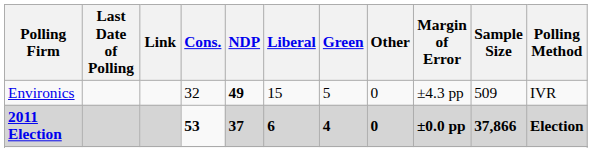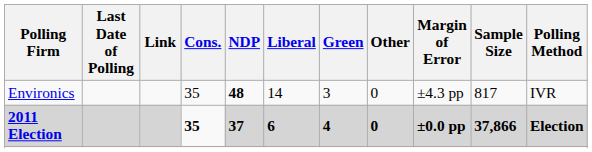 <table class="wikitable sortable">
 <tr style="background:#e9e9e9;">
 <th style="width:120px">Polling Firm</th>
 <th style="width:110px">Last Date<br>of Polling</th>
 <th style="width:60px" class="unsortable">Link</th>
 <th style="background-color:"><strong><a href='#'>Cons.</a></strong></th>
 <th style="background-color:"><strong><a href='#'>NDP</a></strong></th>
 <th style="background-color:"><strong><a href='#'>Liberal</a></strong></th>
 <th style="background-color:"><strong><a href='#'>Green</a></strong></th>
 <th style="background-color:"><strong>Other</strong></th>
 <th style="width:60px;" class=unsortable>Margin<br>of Error</th>
 <th style="width:50px;" class=unsortable>Sample<br>Size</th>
 <th class=unsortable>Polling Method</th>
 </tr>
 <tr>
 <td><a href='#'>Environics</a></td>
 <td></td>
 <td></td>
-<td>32</td>
-<td><strong>49</strong></td>
-<td>15</td>
-<td>5</td>
+<td>35</td>
+<td><strong>48</strong></td>
+<td>14</td>
+<td>3</td>
 <td>0</td>
 <td>±4.3 pp</td>
-<td>509</td>
+<td>817</td>
 <td>IVR</td>
 </tr>
 <tr>
 <td style="background:#D5D5D5"><strong><a href='#'>2011 Election</a></strong></td>
 <td style="background:#D5D5D5"><strong></strong></td>
 <td style="background:#D5D5D5"></td>
-<td><strong>53</strong></td>
+<td><strong>35</strong></td>
 <td style="background:#D5D5D5"><strong>37</strong></td>
 <td style="background:#D5D5D5"><strong>6</strong></td>
 <td style="background:#D5D5D5"><strong>4</strong></td>
 <td style="background:#D5D5D5"><strong>0</strong></td>
 <td style="background:#D5D5D5"><strong>±0.0 pp</strong></td>
 <td style="background:#D5D5D5"><strong>37,866</strong></td>
 <td style="background:#D5D5D5"><strong>Election</strong></td>
 </tr>
 <tr>
 </tr>
 <tr>
 </tr>
 </table>
